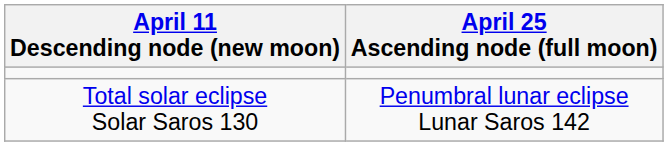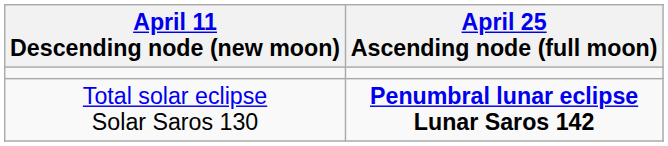 <table class="wikitable">
 <tr>
 <th><a href='#'>April 11</a><br>Descending node (new moon)<br></th>
 <th><a href='#'>April 25</a><br>Ascending node (full moon)<br></th>
 </tr>
 <tr>
 <td></td>
 <td></td>
 </tr>
 <tr align=center>
 <td><a href='#'>Total solar eclipse</a><br>Solar Saros 130</td>
-<td><a href='#'>Penumbral lunar eclipse</a><br>Lunar Saros 142</td>
+<td><strong><a href='#'>Penumbral lunar eclipse</a><br>Lunar Saros 142</strong></td>
 </tr>
 </table>
